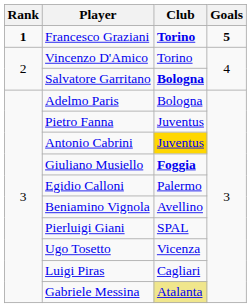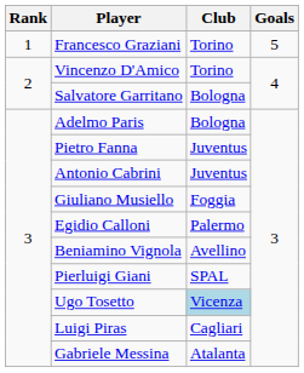 <table class="wikitable sortable" style="text-align:center">
 <tr>
 <th>Rank</th>
 <th>Player</th>
 <th>Club</th>
 <th>Goals</th>
 </tr>
 <tr>
-<td><strong>1</strong></td>
+<td>1</td>
 <td align="left"><strong></strong> <a href='#'>Francesco Graziani</a></td>
-<td align="left"><strong><a href='#'>Torino</a></strong></td>
-<td><strong>5</strong></td>
+<td align="left"><a href='#'>Torino</a></td>
+<td>5</td>
 </tr>
 <tr>
 <td rowspan="2">2</td>
 <td align="left"><strong></strong> <a href='#'>Vincenzo D'Amico</a></td>
 <td align="left"><a href='#'>Torino</a></td>
 <td rowspan="2">4</td>
 </tr>
 <tr>
 <td align="left"><strong></strong> <a href='#'>Salvatore Garritano</a></td>
-<td align="left"><strong><a href='#'>Bologna</a></strong></td>
+<td align="left"><a href='#'>Bologna</a></td>
 </tr>
 <tr>
 <td rowspan="10">3</td>
 <td align="left"><strong></strong> <a href='#'>Adelmo Paris</a></td>
 <td align="left"><a href='#'>Bologna</a></td>
 <td rowspan="10">3</td>
 </tr>
 <tr>
 <td align="left"><strong></strong> <a href='#'>Pietro Fanna</a></td>
 <td align="left"><a href='#'>Juventus</a></td>
 </tr>
 <tr>
 <td align="left"><strong></strong> <a href='#'>Antonio Cabrini</a></td>
-<td align="left" style="background: gold;"><a href='#'>Juventus</a></td>
+<td align="left"><a href='#'>Juventus</a></td>
 </tr>
 <tr>
 <td align="left"><strong></strong> <a href='#'>Giuliano Musiello</a></td>
-<td align="left"><strong><a href='#'>Foggia</a></strong></td>
+<td align="left"><a href='#'>Foggia</a></td>
 </tr>
 <tr>
 <td align="left"><strong></strong> <a href='#'>Egidio Calloni</a></td>
 <td align="left"><a href='#'>Palermo</a></td>
 </tr>
 <tr>
 <td align="left"><strong></strong> <a href='#'>Beniamino Vignola</a></td>
 <td align="left"><a href='#'>Avellino</a></td>
 </tr>
 <tr>
 <td align="left"><strong></strong> <a href='#'>Pierluigi Giani</a></td>
 <td align="left"><a href='#'>SPAL</a></td>
 </tr>
 <tr>
 <td align="left"><strong></strong> <a href='#'>Ugo Tosetto</a></td>
-<td align="left"><a href='#'>Vicenza</a></td>
+<td align="left" style="background: lightblue;"><a href='#'>Vicenza</a></td>
 </tr>
 <tr>
 <td align="left"><strong></strong> <a href='#'>Luigi Piras</a></td>
 <td align="left"><a href='#'>Cagliari</a></td>
 </tr>
 <tr>
 <td align="left"><strong></strong> <a href='#'>Gabriele Messina</a></td>
-<td align="left" style="background: khaki;"><a href='#'>Atalanta</a></td>
+<td align="left"><a href='#'>Atalanta</a></td>
 </tr>
 </table>
